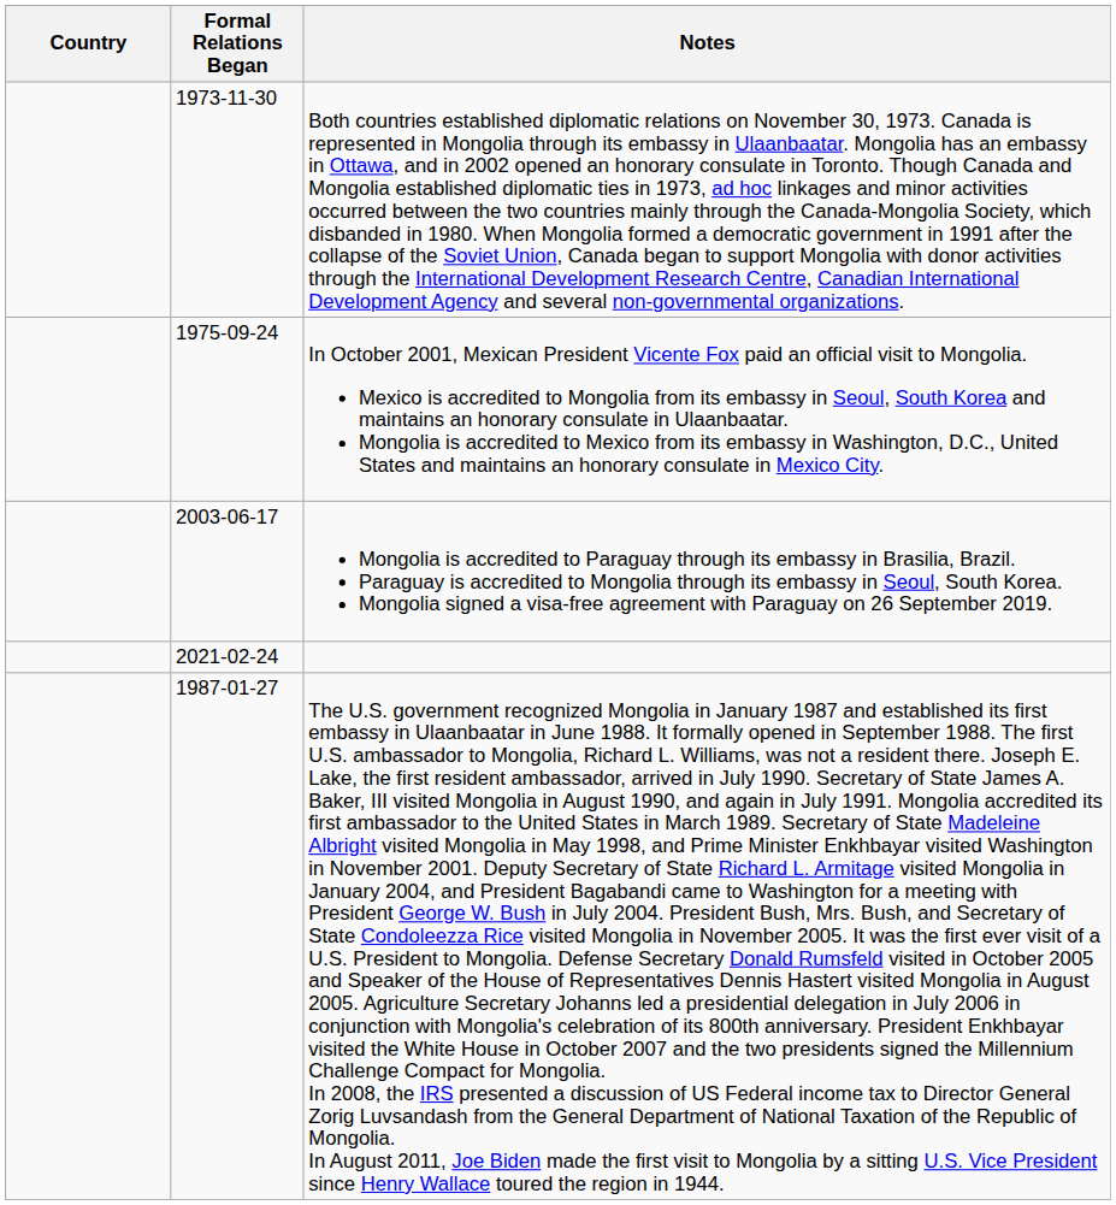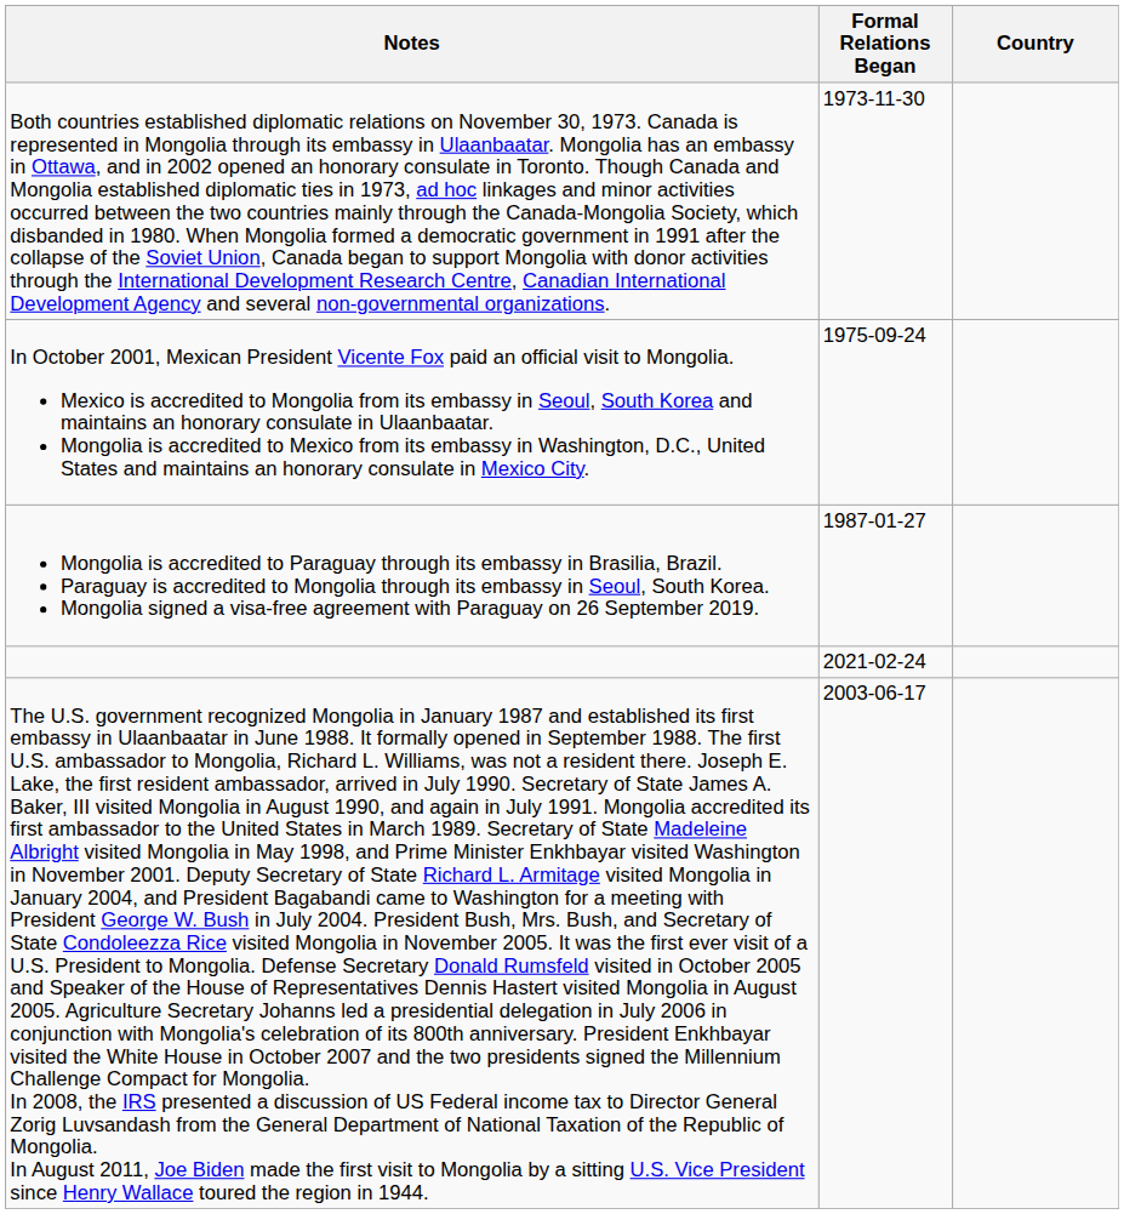 <table class="wikitable sortable" style="width:100%; margin:auto;">
 <tr>
+<th>Notes</th>
+<th style="width:12%;">Formal Relations Began</th>
 <th style="width:15%;">Country</th>
-<th style="width:12%;">Formal Relations Began</th>
-<th>Notes</th>
 </tr>
 <tr valign="top">
+<td><br>Both countries established diplomatic relations on November 30, 1973. Canada is represented in Mongolia through its embassy in <a href='#'>Ulaanbaatar</a>. Mongolia has an embassy in <a href='#'>Ottawa</a>, and in 2002 opened an honorary consulate in Toronto. Though Canada and Mongolia established diplomatic ties in 1973, <a href='#'>ad hoc</a> linkages and minor activities occurred between the two countries mainly through the Canada-Mongolia Society, which disbanded in 1980.  When Mongolia formed a democratic government in 1991 after the collapse of the <a href='#'>Soviet Union</a>, Canada began to support Mongolia with donor activities through the <a href='#'>International Development Research Centre</a>, <a href='#'>Canadian International Development Agency</a> and several <a href='#'>non-governmental organizations</a>.</td>
+<td>1973-11-30</td>
 <td></td>
-<td>1973-11-30</td>
-<td><br>Both countries established diplomatic relations on November 30, 1973. Canada is represented in Mongolia through its embassy in <a href='#'>Ulaanbaatar</a>. Mongolia has an embassy in <a href='#'>Ottawa</a>, and in 2002 opened an honorary consulate in Toronto. Though Canada and Mongolia established diplomatic ties in 1973, <a href='#'>ad hoc</a> linkages and minor activities occurred between the two countries mainly through the Canada-Mongolia Society, which disbanded in 1980.  When Mongolia formed a democratic government in 1991 after the collapse of the <a href='#'>Soviet Union</a>, Canada began to support Mongolia with donor activities through the <a href='#'>International Development Research Centre</a>, <a href='#'>Canadian International Development Agency</a> and several <a href='#'>non-governmental organizations</a>.</td>
 </tr>
 <tr valign="top">
+<td><br>In October 2001, Mexican President <a href='#'>Vicente Fox</a> paid an official visit to Mongolia.<ul><li>Mexico is accredited to Mongolia from its embassy in <a href='#'>Seoul</a>, <a href='#'>South Korea</a> and maintains an honorary consulate in Ulaanbaatar.</li><li>Mongolia is accredited to Mexico from its embassy in Washington, D.C., United States and maintains an honorary consulate in <a href='#'>Mexico City</a>.</li></ul></td>
+<td>1975-09-24</td>
 <td></td>
-<td>1975-09-24</td>
-<td><br>In October 2001, Mexican President <a href='#'>Vicente Fox</a> paid an official visit to Mongolia.<ul><li>Mexico is accredited to Mongolia from its embassy in <a href='#'>Seoul</a>, <a href='#'>South Korea</a> and maintains an honorary consulate in Ulaanbaatar.</li><li>Mongolia is accredited to Mexico from its embassy in Washington, D.C., United States and maintains an honorary consulate in <a href='#'>Mexico City</a>.</li></ul></td>
 </tr>
 <tr valign="top">
+<td><br><ul><li>Mongolia is accredited to Paraguay through its embassy in Brasilia, Brazil.</li><li>Paraguay is accredited to Mongolia through its embassy in <a href='#'>Seoul</a>, South Korea.</li><li>Mongolia signed a visa-free agreement with Paraguay on 26 September 2019.</li></ul></td>
+<td>1987-01-27</td>
 <td></td>
-<td>2003-06-17</td>
-<td><br><ul><li>Mongolia is accredited to Paraguay through its embassy in Brasilia, Brazil.</li><li>Paraguay is accredited to Mongolia through its embassy in <a href='#'>Seoul</a>, South Korea.</li><li>Mongolia signed a visa-free agreement with Paraguay on 26 September 2019.</li></ul></td>
 </tr>
 <tr valign="top">
 <td></td>
 <td>2021-02-24</td>
 <td></td>
 </tr>
 <tr valign="top">
+<td><br>The U.S. government recognized Mongolia in January 1987 and established its first embassy in Ulaanbaatar in June 1988. It formally opened in September 1988. The first U.S. ambassador to Mongolia, Richard L. Williams, was not a resident there. Joseph E. Lake, the first resident ambassador, arrived in July 1990. Secretary of State James A. Baker, III visited Mongolia in August 1990, and again in July 1991. Mongolia accredited its first ambassador to the United States in March 1989. Secretary of State <a href='#'>Madeleine Albright</a> visited Mongolia in May 1998, and Prime Minister Enkhbayar visited Washington in November 2001. Deputy Secretary of State <a href='#'>Richard L. Armitage</a> visited Mongolia in January 2004, and President Bagabandi came to Washington for a meeting with President <a href='#'>George W. Bush</a> in July 2004. President Bush, Mrs. Bush, and Secretary of State <a href='#'>Condoleezza Rice</a> visited Mongolia in November 2005.  It was the first ever visit of a U.S. President to Mongolia. Defense Secretary <a href='#'>Donald Rumsfeld</a> visited in October 2005 and Speaker of the House of Representatives Dennis Hastert visited Mongolia in August 2005. Agriculture Secretary Johanns led a presidential delegation in July 2006 in conjunction with Mongolia's celebration of its 800th anniversary. President Enkhbayar visited the White House in October 2007 and the two presidents signed the Millennium Challenge Compact for Mongolia.<br>In 2008, the <a href='#'>IRS</a> presented a discussion of US Federal income tax to Director General Zorig Luvsandash from the General Department of National Taxation of the Republic of Mongolia.<br>In August 2011, <a href='#'>Joe Biden</a> made the first visit to Mongolia by a sitting <a href='#'>U.S. Vice President</a> since <a href='#'>Henry Wallace</a> toured the region in 1944.</td>
+<td>2003-06-17</td>
 <td></td>
-<td>1987-01-27</td>
-<td><br>The U.S. government recognized Mongolia in January 1987 and established its first embassy in Ulaanbaatar in June 1988. It formally opened in September 1988. The first U.S. ambassador to Mongolia, Richard L. Williams, was not a resident there. Joseph E. Lake, the first resident ambassador, arrived in July 1990. Secretary of State James A. Baker, III visited Mongolia in August 1990, and again in July 1991. Mongolia accredited its first ambassador to the United States in March 1989. Secretary of State <a href='#'>Madeleine Albright</a> visited Mongolia in May 1998, and Prime Minister Enkhbayar visited Washington in November 2001. Deputy Secretary of State <a href='#'>Richard L. Armitage</a> visited Mongolia in January 2004, and President Bagabandi came to Washington for a meeting with President <a href='#'>George W. Bush</a> in July 2004. President Bush, Mrs. Bush, and Secretary of State <a href='#'>Condoleezza Rice</a> visited Mongolia in November 2005.  It was the first ever visit of a U.S. President to Mongolia. Defense Secretary <a href='#'>Donald Rumsfeld</a> visited in October 2005 and Speaker of the House of Representatives Dennis Hastert visited Mongolia in August 2005. Agriculture Secretary Johanns led a presidential delegation in July 2006 in conjunction with Mongolia's celebration of its 800th anniversary. President Enkhbayar visited the White House in October 2007 and the two presidents signed the Millennium Challenge Compact for Mongolia.<br>In 2008, the <a href='#'>IRS</a> presented a discussion of US Federal income tax to Director General Zorig Luvsandash from the General Department of National Taxation of the Republic of Mongolia.<br>In August 2011, <a href='#'>Joe Biden</a> made the first visit to Mongolia by a sitting <a href='#'>U.S. Vice President</a> since <a href='#'>Henry Wallace</a> toured the region in 1944.</td>
 </tr>
 </table>
